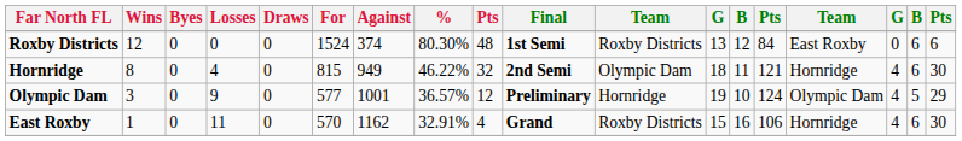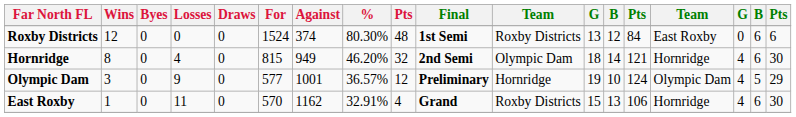 <table class="wikitable">
 <tr>
 <th style="color:crimson">Far North FL</th>
 <th style="color:crimson">Wins</th>
 <th style="color:crimson">Byes</th>
 <th style="color:crimson">Losses</th>
 <th style="color:crimson">Draws</th>
 <th style="color:crimson">For</th>
 <th style="color:crimson">Against</th>
 <th style="color:crimson">%</th>
 <th style="color:crimson">Pts</th>
 <th style="color:green">Final</th>
 <th style="color:green">Team</th>
 <th style="color:green">G</th>
 <th style="color:green">B</th>
 <th style="color:green">Pts</th>
 <th style="color:green">Team</th>
 <th style="color:green">G</th>
 <th style="color:green">B</th>
 <th style="color:green">Pts</th>
 </tr>
 <tr>
 </tr>
 <tr>
 </tr>
 <tr>
 <td><strong>	Roxby Districts	</strong></td>
 <td>12</td>
 <td>0</td>
 <td>0</td>
 <td>0</td>
 <td>1524</td>
 <td>374</td>
 <td>80.30%</td>
 <td>48</td>
 <td><strong>1st Semi</strong></td>
 <td>Roxby Districts</td>
 <td>13</td>
 <td>12</td>
 <td>84</td>
 <td>East Roxby</td>
 <td>0</td>
 <td>6</td>
 <td>6</td>
 </tr>
 <tr>
 <td><strong>	Hornridge	</strong></td>
 <td>8</td>
 <td>0</td>
 <td>4</td>
 <td>0</td>
 <td>815</td>
 <td>949</td>
-<td>46.22%</td>
+<td>46.20%</td>
 <td>32</td>
 <td><strong>2nd Semi</strong></td>
 <td>Olympic Dam</td>
 <td>18</td>
-<td>11</td>
+<td>14</td>
 <td>121</td>
 <td>Hornridge</td>
 <td>4</td>
 <td>6</td>
 <td>30</td>
 </tr>
 <tr>
 <td><strong>	Olympic Dam	</strong></td>
 <td>3</td>
 <td>0</td>
 <td>9</td>
 <td>0</td>
 <td>577</td>
 <td>1001</td>
 <td>36.57%</td>
 <td>12</td>
 <td><strong>Preliminary</strong></td>
 <td>Hornridge</td>
 <td>19</td>
 <td>10</td>
 <td>124</td>
 <td>Olympic Dam</td>
 <td>4</td>
 <td>5</td>
 <td>29</td>
 </tr>
 <tr>
 <td><strong>	East Roxby	</strong></td>
 <td>1</td>
 <td>0</td>
 <td>11</td>
 <td>0</td>
 <td>570</td>
 <td>1162</td>
 <td>32.91%</td>
 <td>4</td>
 <td><strong>Grand</strong></td>
 <td>Roxby Districts</td>
 <td>15</td>
-<td>16</td>
+<td>13</td>
 <td>106</td>
 <td>Hornridge</td>
 <td>4</td>
 <td>6</td>
 <td>30</td>
 </tr>
 <tr>
 </tr>
 <tr>
 </tr>
 </table>
